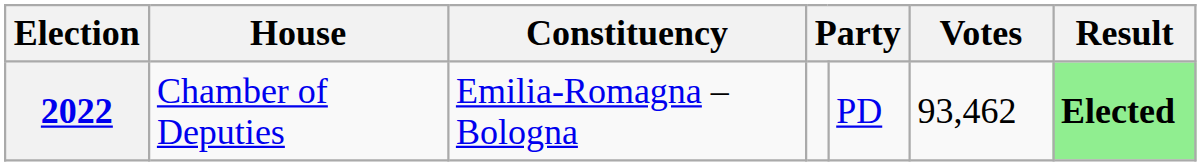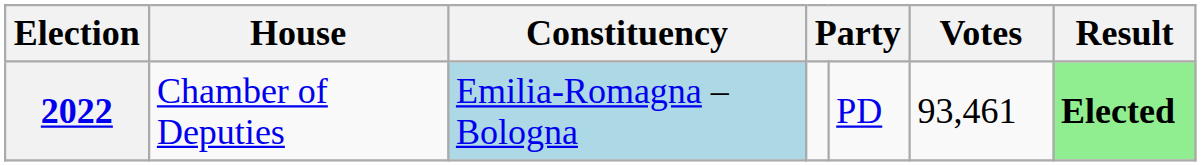 <table class=wikitable style="width:60%; border:1px #AAAAFF solid">
 <tr>
 <th width=12%>Election</th>
 <th width=25%>House</th>
 <th width=30%>Constituency</th>
 <th width=5% colspan="2">Party</th>
 <th width=12%>Votes</th>
 <th width=12%>Result</th>
 </tr>
 <tr>
 <th><a href='#'>2022</a></th>
 <td><a href='#'>Chamber of Deputies</a></td>
-<td><a href='#'>Emilia-Romagna</a> – <a href='#'>Bologna</a></td>
+<td style="background: lightblue;"><a href='#'>Emilia-Romagna</a> – <a href='#'>Bologna</a></td>
 <td></td>
 <td><a href='#'>PD</a></td>
-<td>93,462</td>
+<td>93,461</td>
 <td style="background: lightgreen;"> <strong>Elected</strong></td>
 </tr>
 </table>
